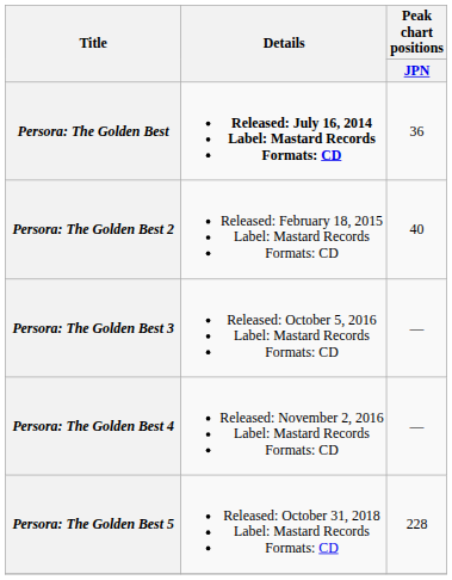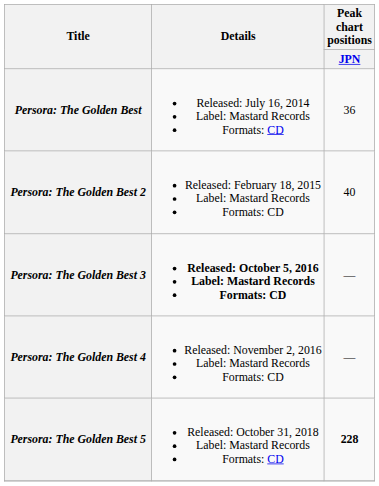 <table class="wikitable plainrowheaders" style="text-align:center;">
 <tr>
 <th rowspan="2" style="width:12em;">Title</th>
 <th rowspan="2">Details</th>
 <th colspan="1">Peak chart positions</th>
 </tr>
 <tr>
 <th width="30"><a href='#'>JPN</a><br></th>
 </tr>
 <tr>
 <th scope="row"><em>Persora: The Golden Best</em></th>
-<td><strong><br><ul><li>Released: July 16, 2014</li><li>Label: Mastard Records</li><li>Formats: <a href='#'>CD</a></li></ul></strong></td>
+<td><br><ul><li>Released: July 16, 2014</li><li>Label: Mastard Records</li><li>Formats: <a href='#'>CD</a></li></ul></td>
 <td>36</td>
 </tr>
 <tr>
 <th scope="row"><em>Persora: The Golden Best 2</em></th>
 <td><br><ul><li>Released: February 18, 2015</li><li>Label: Mastard Records</li><li>Formats: CD</li></ul></td>
 <td>40</td>
 </tr>
 <tr>
 <th scope="row"><em>Persora: The Golden Best 3</em></th>
-<td><br><ul><li>Released: October 5, 2016</li><li>Label: Mastard Records</li><li>Formats: CD</li></ul></td>
+<td><strong><br><ul><li>Released: October 5, 2016</li><li>Label: Mastard Records</li><li>Formats: CD</li></ul></strong></td>
 <td>—</td>
 </tr>
 <tr>
 <th scope="row"><em>Persora: The Golden Best 4</em></th>
 <td><br><ul><li>Released: November 2, 2016</li><li>Label: Mastard Records</li><li>Formats: CD</li></ul></td>
 <td>—</td>
 </tr>
 <tr>
 <th scope="row"><em>Persora: The Golden Best 5</em></th>
 <td><br><ul><li>Released: October 31, 2018</li><li>Label: Mastard Records</li><li>Formats: <a href='#'>CD</a></li></ul></td>
-<td>228</td>
+<td><strong>228</strong></td>
 </tr>
 <tr>
 </tr>
 </table>
